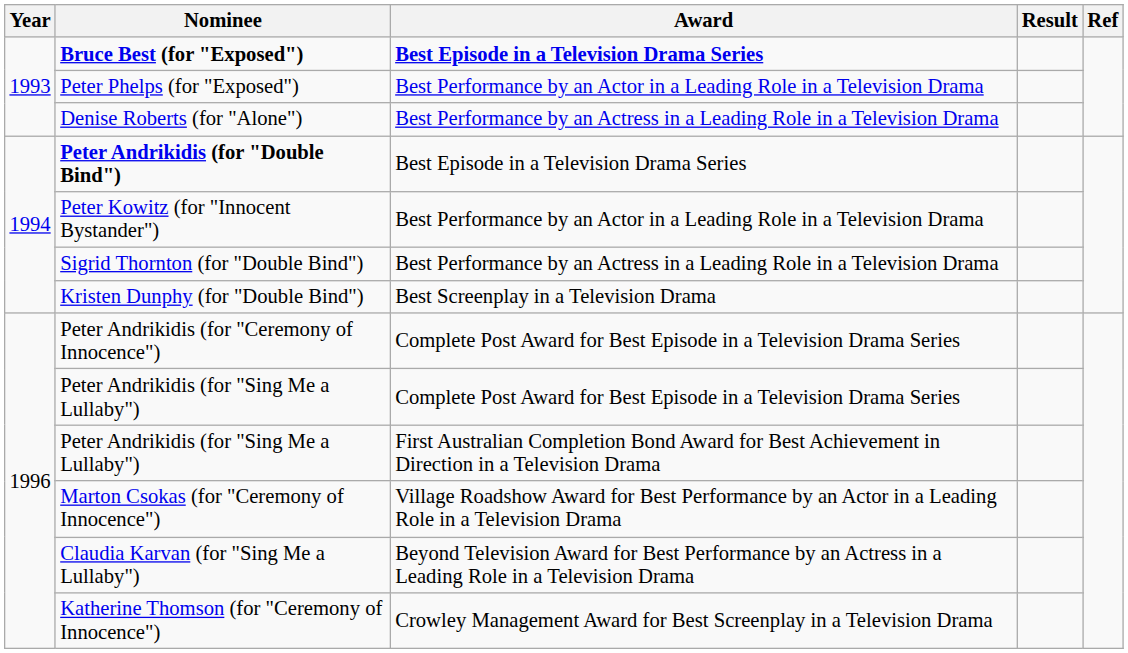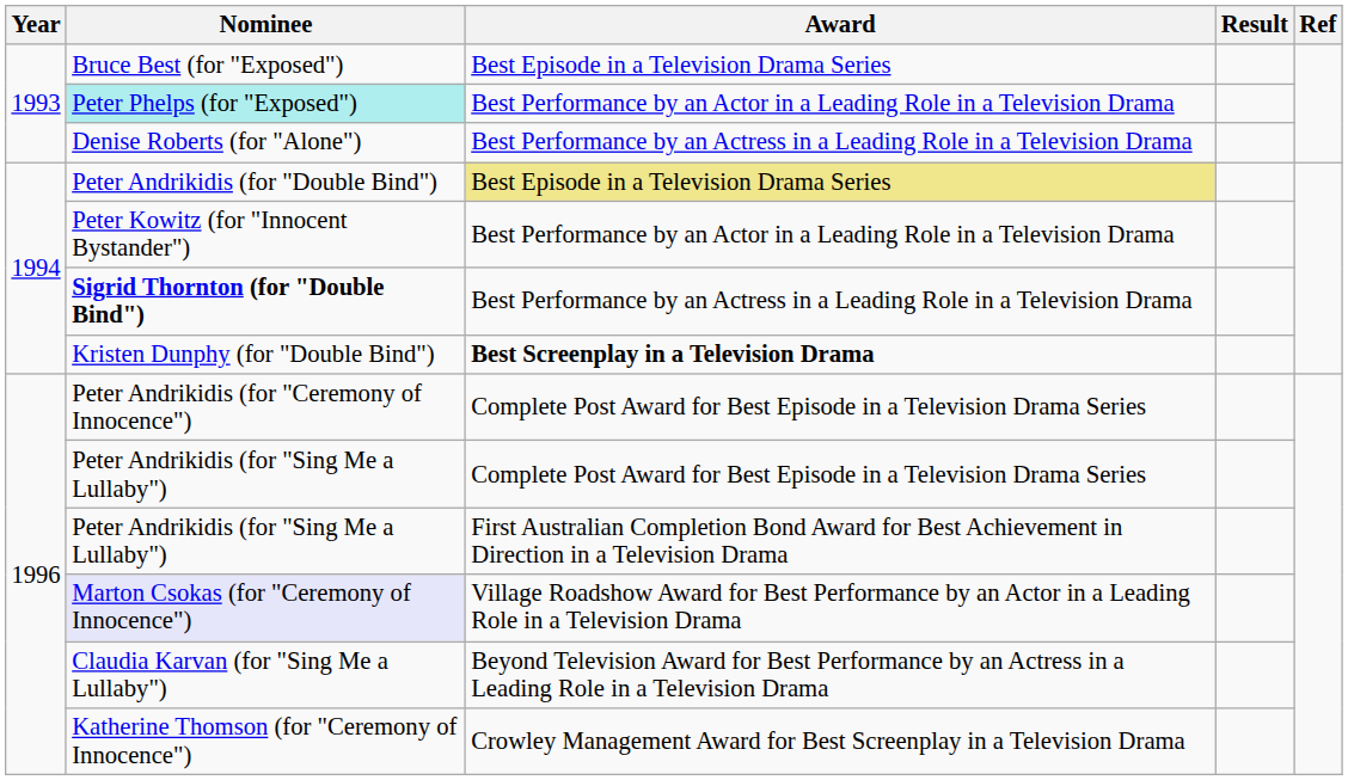 <table class="wikitable">
 <tr>
 <th>Year</th>
 <th>Nominee</th>
 <th>Award</th>
 <th>Result</th>
 <th>Ref</th>
 </tr>
 <tr>
 <td rowspan="3"><a href='#'>1993</a></td>
-<td><strong><a href='#'>Bruce Best</a> (for "Exposed")</strong></td>
-<td><strong><a href='#'>Best Episode in a Television Drama Series</a></strong></td>
+<td><a href='#'>Bruce Best</a> (for "Exposed")</td>
+<td><a href='#'>Best Episode in a Television Drama Series</a></td>
 <td></td>
 <td rowspan="3"></td>
 </tr>
 <tr>
-<td><a href='#'>Peter Phelps</a> (for "Exposed")</td>
+<td style="background: paleturquoise;"><a href='#'>Peter Phelps</a> (for "Exposed")</td>
 <td><a href='#'>Best Performance by an Actor in a Leading Role in a Television Drama</a></td>
 <td></td>
 </tr>
 <tr>
 <td><a href='#'>Denise Roberts</a> (for "Alone")</td>
 <td><a href='#'>Best Performance by an Actress in a Leading Role in a Television Drama</a></td>
 <td></td>
 </tr>
 <tr>
 <td rowspan="4"><a href='#'>1994</a></td>
-<td><strong><a href='#'>Peter Andrikidis</a> (for "Double Bind")</strong></td>
-<td>Best Episode in a Television Drama Series</td>
+<td><a href='#'>Peter Andrikidis</a> (for "Double Bind")</td>
+<td style="background: khaki;">Best Episode in a Television Drama Series</td>
 <td></td>
 <td rowspan="4"></td>
 </tr>
 <tr>
 <td><a href='#'>Peter Kowitz</a> (for "Innocent Bystander")</td>
 <td>Best Performance by an Actor in a Leading Role in a Television Drama</td>
 <td></td>
 </tr>
 <tr>
-<td><a href='#'>Sigrid Thornton</a> (for "Double Bind")</td>
+<td><strong><a href='#'>Sigrid Thornton</a> (for "Double Bind")</strong></td>
 <td>Best Performance by an Actress in a Leading Role in a Television Drama</td>
 <td></td>
 </tr>
 <tr>
 <td><a href='#'>Kristen Dunphy</a> (for "Double Bind")</td>
-<td>Best Screenplay in a Television Drama</td>
+<td><strong>Best Screenplay in a Television Drama</strong></td>
 <td></td>
 </tr>
 <tr>
 <td rowspan="6">1996</td>
 <td>Peter Andrikidis (for "Ceremony of Innocence")</td>
 <td>Complete Post Award for Best Episode in a Television Drama Series</td>
 <td></td>
 <td rowspan="6"></td>
 </tr>
 <tr>
 <td>Peter Andrikidis (for "Sing Me a Lullaby")</td>
 <td>Complete Post Award for Best Episode in a Television Drama Series</td>
 <td></td>
 </tr>
 <tr>
 <td>Peter Andrikidis (for "Sing Me a Lullaby")</td>
 <td>First Australian Completion Bond Award for Best Achievement in Direction in a Television Drama</td>
 <td></td>
 </tr>
 <tr>
-<td><a href='#'>Marton Csokas</a> (for "Ceremony of Innocence")</td>
+<td style="background: lavender;"><a href='#'>Marton Csokas</a> (for "Ceremony of Innocence")</td>
 <td>Village Roadshow Award for Best Performance by an Actor in a Leading Role in a Television Drama</td>
 <td></td>
 </tr>
 <tr>
 <td><a href='#'>Claudia Karvan</a> (for "Sing Me a Lullaby")</td>
 <td>Beyond Television Award for Best Performance by an Actress in a Leading Role in a Television Drama</td>
 <td></td>
 </tr>
 <tr>
 <td><a href='#'>Katherine Thomson</a> (for "Ceremony of Innocence")</td>
 <td>Crowley Management Award for Best Screenplay in a Television Drama</td>
 <td></td>
 </tr>
 </table>
